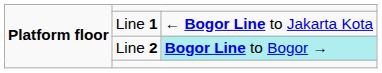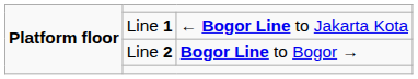 <table class="wikitable">
 <tr>
 <td rowspan="4"><strong>Platform floor</strong></td>
 <td colspan="2"></td>
 </tr>
 <tr>
 <td>Line <strong>1</strong></td>
 <td>←   <strong><a href='#'>Bogor Line</a></strong> to <a href='#'>Jakarta Kota</a></td>
 </tr>
 <tr>
 <td>Line <strong>2</strong></td>
-<td style="background: paleturquoise;"> <strong><a href='#'>Bogor Line</a></strong> to <a href='#'>Bogor</a>  →</td>
+<td> <strong><a href='#'>Bogor Line</a></strong> to <a href='#'>Bogor</a>  →</td>
 </tr>
 <tr>
 <td colspan="2"></td>
 </tr>
 </table>
